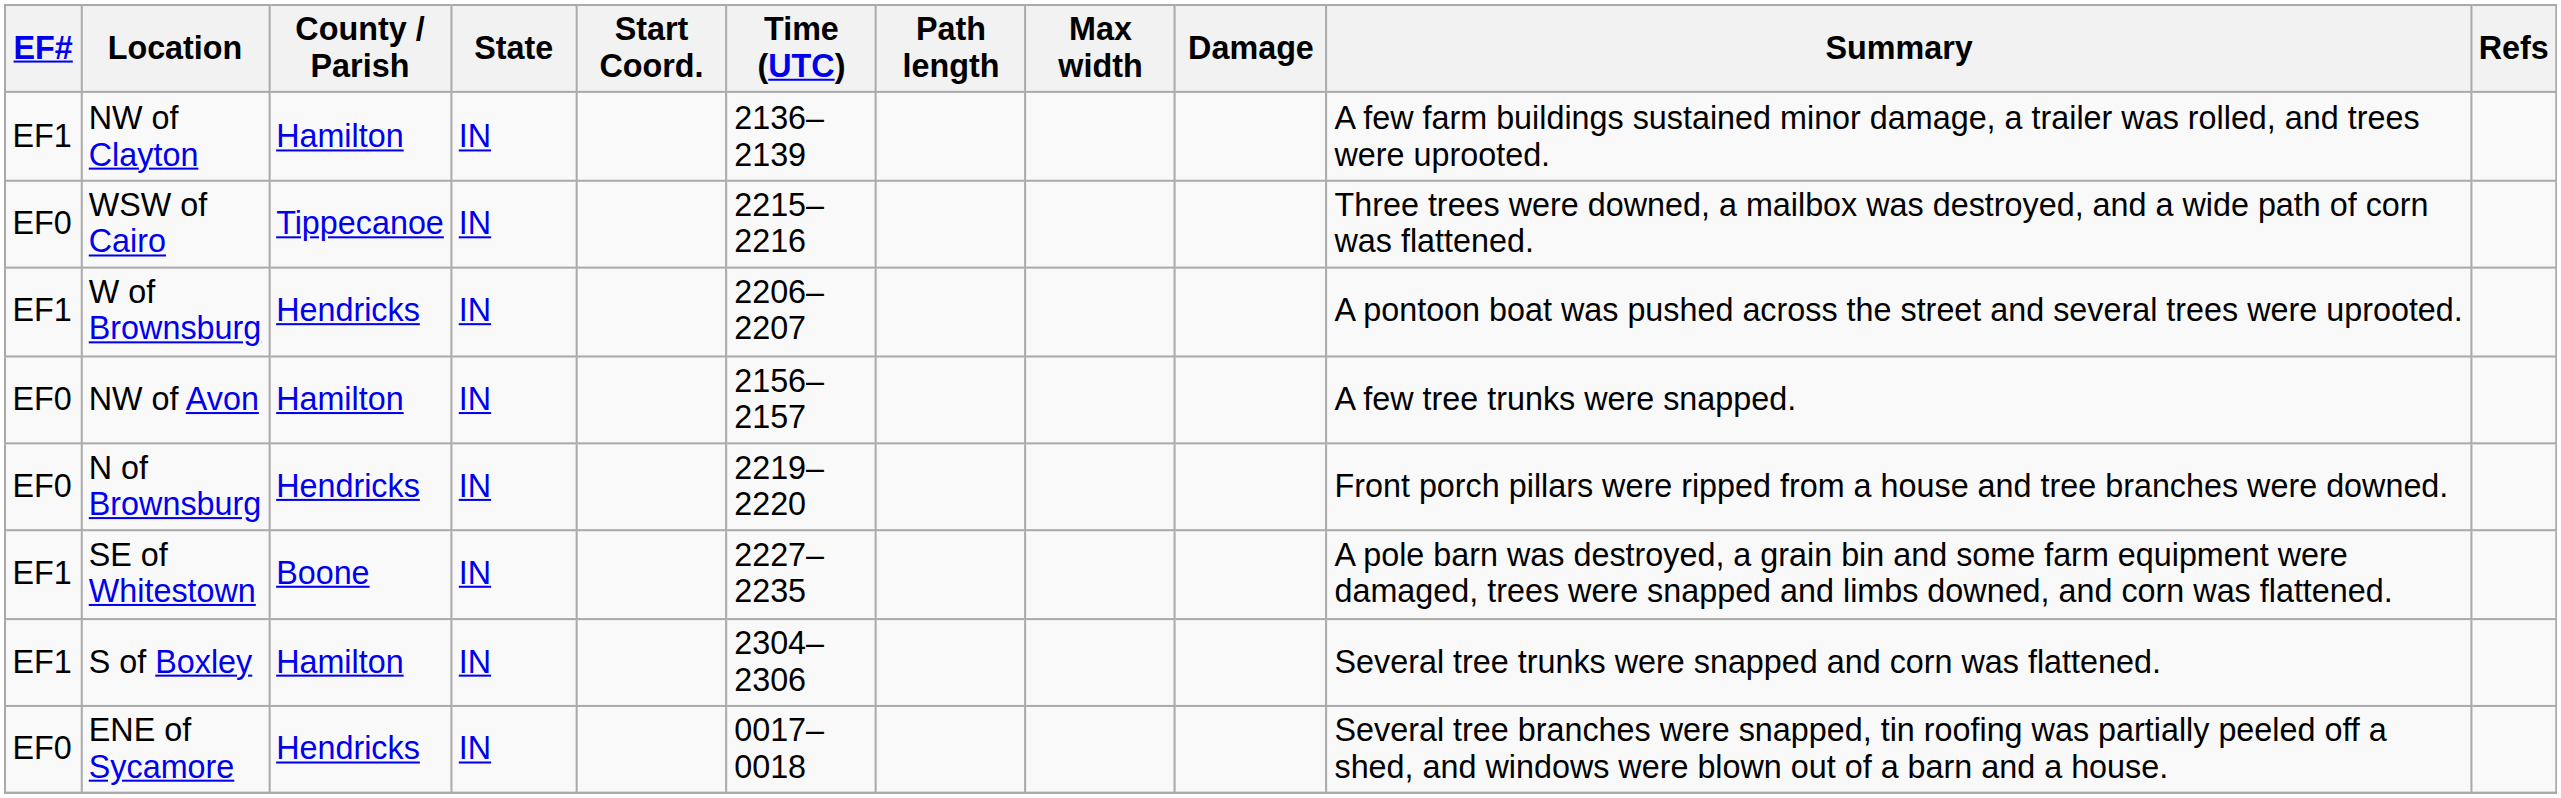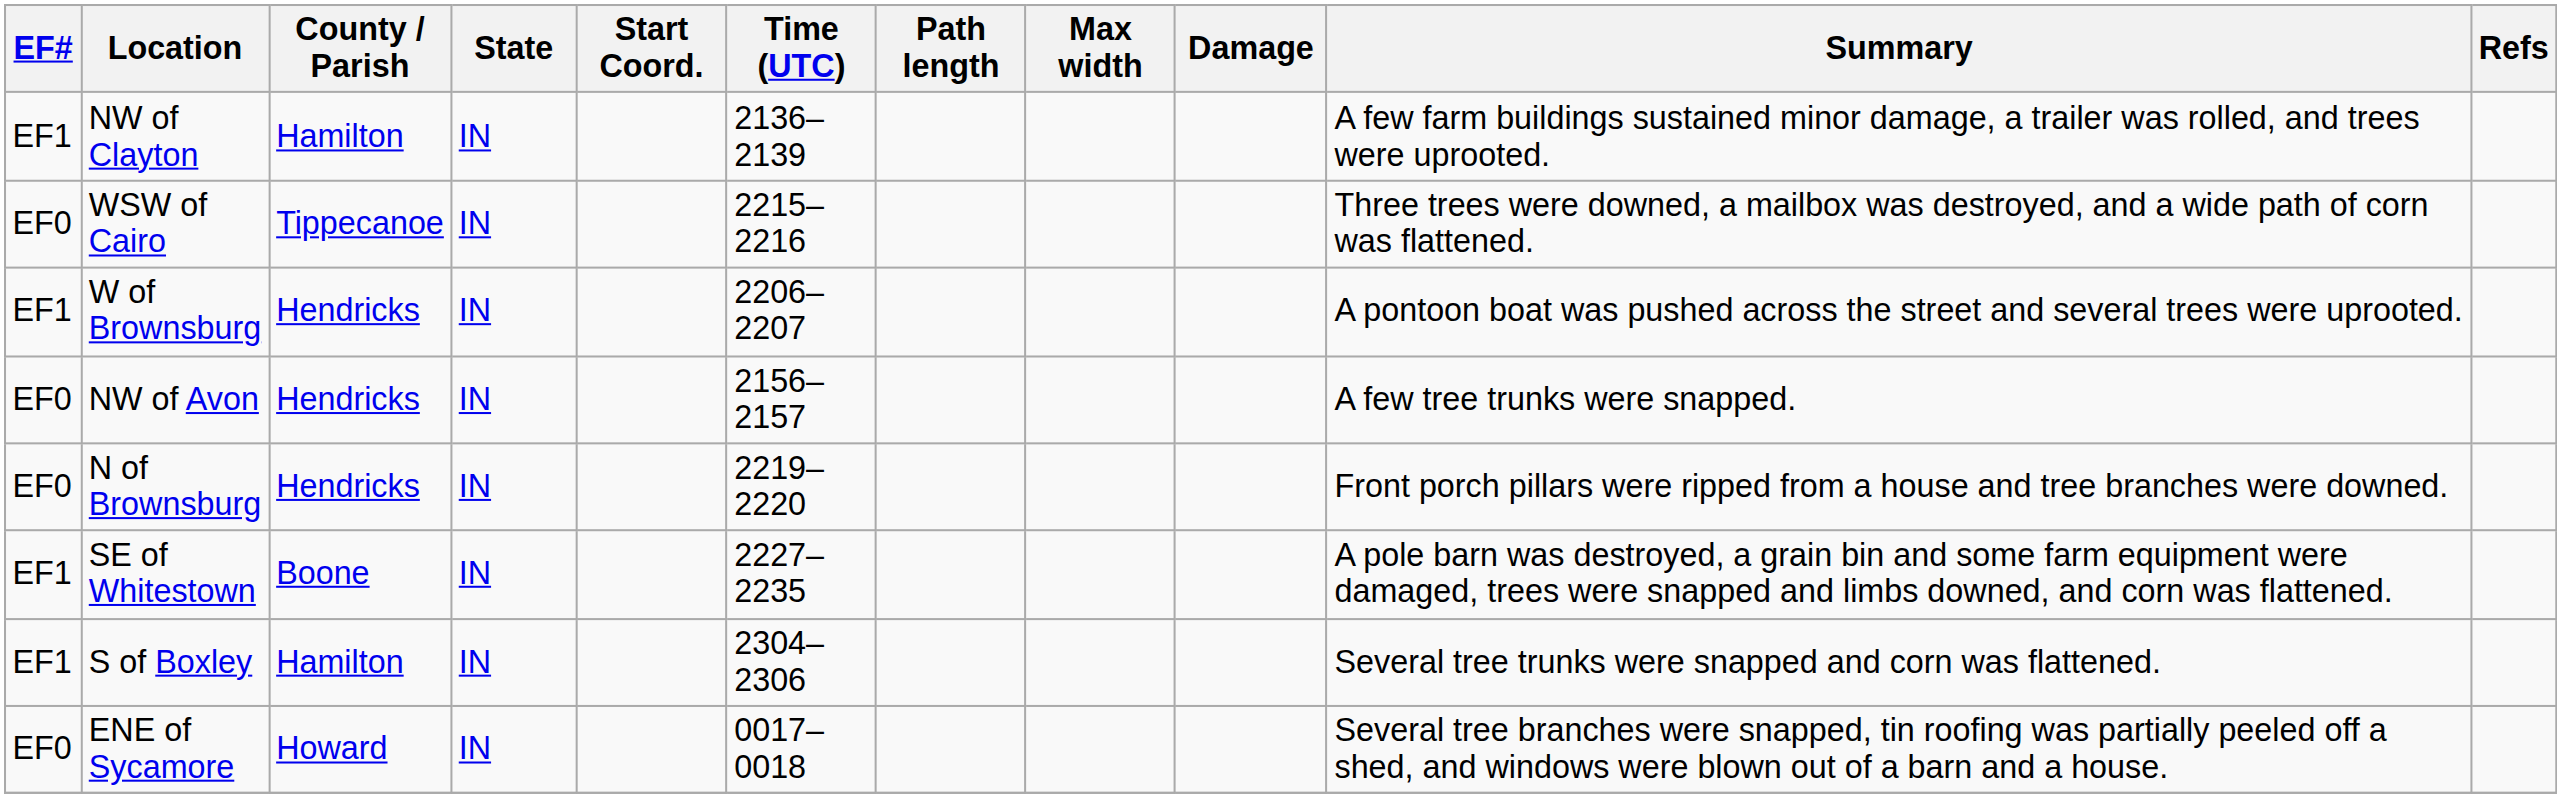 <table class="wikitable sortable" style="width:100%;">
 <tr>
 <th scope="col" width="3%" align="center"><a href='#'>EF#</a></th>
 <th scope="col" width="7%" align="center" class="unsortable">Location</th>
 <th scope="col" width="6%" align="center" class="unsortable">County / Parish</th>
 <th scope="col" width="5%" align="center">State</th>
 <th scope="col" width="6%" align="center">Start Coord.</th>
 <th scope="col" width="6%" align="center">Time (<a href='#'>UTC</a>)</th>
 <th scope="col" width="6%" align="center">Path length</th>
 <th scope="col" width="6%" align="center">Max width</th>
 <th scope="col" width="6%" align="center">Damage</th>
 <th scope="col" width="48%" class="unsortable" align="center">Summary</th>
 <th scope="col" width="48%" class="unsortable" align="center">Refs</th>
 </tr>
 <tr>
 <td>EF1</td>
 <td>NW of <a href='#'>Clayton</a></td>
 <td><a href='#'>Hamilton</a></td>
 <td><a href='#'>IN</a></td>
 <td></td>
 <td>2136–2139</td>
 <td></td>
 <td></td>
 <td></td>
 <td>A few farm buildings sustained minor damage, a trailer was rolled, and trees were uprooted.</td>
 <td></td>
 </tr>
 <tr>
 <td>EF0</td>
 <td>WSW of <a href='#'>Cairo</a></td>
 <td><a href='#'>Tippecanoe</a></td>
 <td><a href='#'>IN</a></td>
 <td></td>
 <td>2215–2216</td>
 <td></td>
 <td></td>
 <td></td>
 <td>Three trees were downed, a mailbox was destroyed, and a  wide path of corn was flattened.</td>
 <td></td>
 </tr>
 <tr>
 <td>EF1</td>
 <td>W of <a href='#'>Brownsburg</a></td>
 <td><a href='#'>Hendricks</a></td>
 <td><a href='#'>IN</a></td>
 <td></td>
 <td>2206–2207</td>
 <td></td>
 <td></td>
 <td></td>
 <td>A pontoon boat was pushed across the street and several trees were uprooted.</td>
 <td></td>
 </tr>
 <tr>
 <td>EF0</td>
 <td>NW of <a href='#'>Avon</a></td>
-<td><a href='#'>Hamilton</a></td>
+<td><a href='#'>Hendricks</a></td>
 <td><a href='#'>IN</a></td>
 <td></td>
 <td>2156–2157</td>
 <td></td>
 <td></td>
 <td></td>
 <td>A few tree trunks were snapped.</td>
 <td></td>
 </tr>
 <tr>
 <td>EF0</td>
 <td>N of <a href='#'>Brownsburg</a></td>
 <td><a href='#'>Hendricks</a></td>
 <td><a href='#'>IN</a></td>
 <td></td>
 <td>2219–2220</td>
 <td></td>
 <td></td>
 <td></td>
 <td>Front porch pillars were ripped from a house and tree branches were downed.</td>
 <td></td>
 </tr>
 <tr>
 <td>EF1</td>
 <td>SE of <a href='#'>Whitestown</a></td>
 <td><a href='#'>Boone</a></td>
 <td><a href='#'>IN</a></td>
 <td></td>
 <td>2227–2235</td>
 <td></td>
 <td></td>
 <td></td>
 <td>A pole barn was destroyed, a grain bin and some farm equipment were damaged, trees were snapped and limbs downed, and corn was flattened.</td>
 <td></td>
 </tr>
 <tr>
 <td>EF1</td>
 <td>S of <a href='#'>Boxley</a></td>
 <td><a href='#'>Hamilton</a></td>
 <td><a href='#'>IN</a></td>
 <td></td>
 <td>2304–2306</td>
 <td></td>
 <td></td>
 <td></td>
 <td>Several tree trunks were snapped and corn was flattened.</td>
 <td></td>
 </tr>
 <tr>
 <td>EF0</td>
 <td>ENE of <a href='#'>Sycamore</a></td>
-<td><a href='#'>Hendricks</a></td>
+<td><a href='#'>Howard</a></td>
 <td><a href='#'>IN</a></td>
 <td></td>
 <td>0017–0018</td>
 <td></td>
 <td></td>
 <td></td>
 <td>Several tree branches were snapped, tin roofing was partially peeled off a shed, and windows were blown out of a barn and a house.</td>
 <td></td>
 </tr>
 <tr>
 </tr>
 </table>
